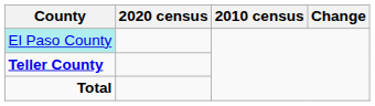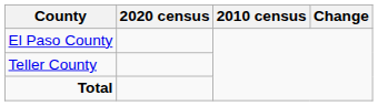 <table class="wikitable sortable">
 <tr>
 <th>County</th>
 <th>2020 census</th>
 <th>2010 census</th>
 <th>Change</th>
 </tr>
 <tr>
-<td style="background: paleturquoise;"><a href='#'>El Paso County</a></td>
+<td><a href='#'>El Paso County</a></td>
 <td></td>
 </tr>
 <tr>
-<td><strong><a href='#'>Teller County</a></strong></td>
+<td><a href='#'>Teller County</a></td>
 <td></td>
 </tr>
 <tr class=sortbottom>
 <td align=right><strong>Total</strong></td>
 <td></td>
 </tr>
 </table>
